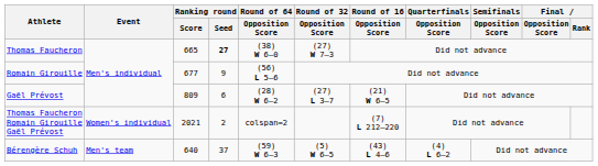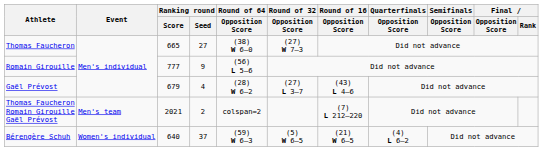 <table class="wikitable" style="font-size:90%">
 <tr>
 <th rowspan="2">Athlete</th>
 <th rowspan="2">Event</th>
 <th colspan="2">Ranking round</th>
 <th>Round of 64</th>
 <th>Round of 32</th>
 <th>Round of 16</th>
 <th>Quarterfinals</th>
 <th>Semifinals</th>
 <th colspan="2">Final / </th>
 </tr>
 <tr style="font-size:95%">
 <th>Score</th>
 <th>Seed</th>
 <th>Opposition<br>Score</th>
 <th>Opposition<br>Score</th>
 <th>Opposition<br>Score</th>
 <th>Opposition<br>Score</th>
 <th>Opposition<br>Score</th>
 <th>Opposition<br>Score</th>
 <th>Rank</th>
 </tr>
 <tr align=center>
 <td align=left><a href='#'>Thomas Faucheron</a></td>
 <td align=left rowspan=3><a href='#'>Men's individual</a></td>
 <td>665</td>
-<td><strong>27</strong></td>
+<td>27</td>
 <td> (38)<br><strong>W</strong> 6–0</td>
 <td> (27)<br><strong>W</strong> 7–3</td>
 <td colspan=5>Did not advance</td>
 </tr>
 <tr align=center>
 <td align=left><a href='#'>Romain Girouille</a></td>
-<td>677</td>
+<td>777</td>
 <td>9</td>
 <td> (56)<br><strong>L</strong> 5–6</td>
 <td colspan=6>Did not advance</td>
 </tr>
 <tr align=center>
 <td align=left><a href='#'>Gaël Prévost</a></td>
-<td>809</td>
-<td>6</td>
+<td>679</td>
+<td>4</td>
 <td> (28)<br><strong>W</strong> 6–2</td>
 <td> (27)<br><strong>L</strong> 3–7</td>
-<td> (21)<br><strong>W</strong> 6–5</td>
+<td> (43)<br><strong>L</strong> 4–6</td>
 <td colspan=4>Did not advance</td>
 </tr>
 <tr align=center>
 <td align=left><a href='#'>Thomas Faucheron</a><br><a href='#'>Romain Girouille</a><br><a href='#'>Gaël Prévost</a></td>
-<td align=left><a href='#'>Women's individual</a></td>
+<td align=left><a href='#'>Men's team</a></td>
 <td>2021</td>
 <td>2</td>
 <td>colspan=2 </td>
 <td></td>
 <td> (7)<br><strong>L</strong> 212–220</td>
 <td colspan=3>Did not advance</td>
 </tr>
 <tr align=center>
 <td align=left><a href='#'>Bérengère Schuh</a></td>
-<td align=left><a href='#'>Men's team</a></td>
+<td align=left><a href='#'>Women's individual</a></td>
 <td>640</td>
 <td>37</td>
 <td> (59)<br><strong>W</strong> 6–3</td>
 <td> (5)<br><strong>W</strong> 6–5</td>
-<td> (43)<br><strong>L</strong> 4–6</td>
+<td> (21)<br><strong>W</strong> 6–5</td>
 <td> (4)<br><strong>L</strong> 6–2</td>
 <td colspan=3>Did not advance</td>
 </tr>
 </table>
